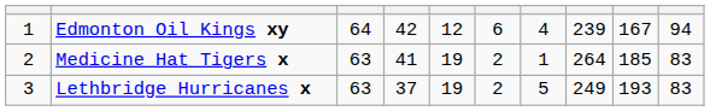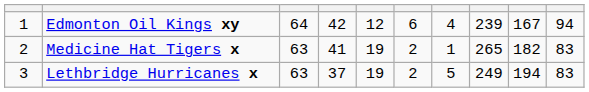 <table class="wikitable sortable">
 <tr>
 <th style="width:2em"></th>
 <th style="width:15em;" class="unsortable"></th>
 <th style="width:2em;"></th>
 <th style="width:2em;"></th>
 <th style="width:2em;"></th>
 <th style="width:2em;"></th>
 <th style="width:2em;"></th>
 <th style="width:2em;"></th>
 <th style="width:2em;"></th>
 <th style="width:2em;"></th>
 </tr>
 <tr style="font-weight: ; text-align: center;">
 <td>1</td>
 <td style="text-align:left;"><a href='#'>Edmonton Oil Kings</a> <strong>xy</strong></td>
 <td>64</td>
 <td>42</td>
 <td>12</td>
 <td>6</td>
 <td>4</td>
 <td>239</td>
 <td>167</td>
 <td>94</td>
 </tr>
 <tr style="text-align: center;">
 <td>2</td>
 <td style="text-align:left;"><a href='#'>Medicine Hat Tigers</a> <strong>x</strong></td>
 <td>63</td>
 <td>41</td>
 <td>19</td>
 <td>2</td>
 <td>1</td>
-<td>264</td>
-<td>185</td>
+<td>265</td>
+<td>182</td>
 <td>83</td>
 </tr>
 <tr style="text-align: center;">
 <td>3</td>
 <td style="text-align:left;"><a href='#'>Lethbridge Hurricanes</a> <strong>x</strong></td>
 <td>63</td>
 <td>37</td>
 <td>19</td>
 <td>2</td>
 <td>5</td>
 <td>249</td>
-<td>193</td>
+<td>194</td>
 <td>83</td>
 </tr>
 </table>
